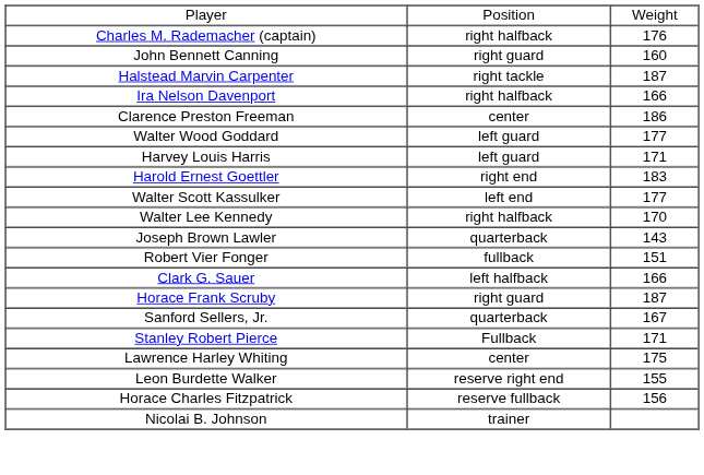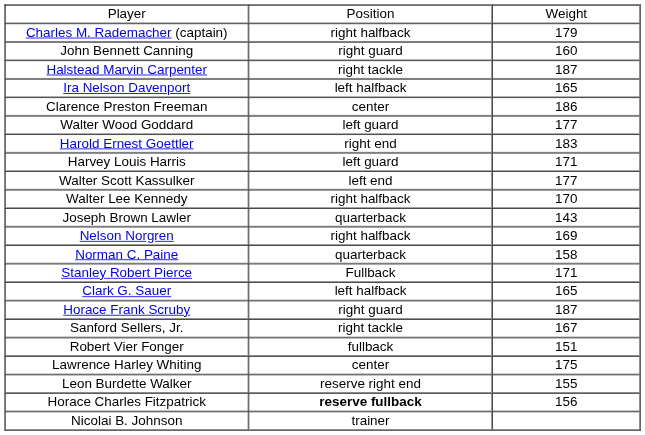 <table cellpadding="1" border="1" cellspacing="0" width="60%" style="text-align:center;">
 <tr>
 <td>Player</td>
 <td>Position</td>
 <td>Weight</td>
 </tr>
 <tr align="center" bgcolor="">
 <td><a href='#'>Charles M. Rademacher</a> (captain)</td>
 <td>right halfback</td>
-<td>176</td>
+<td>179</td>
 </tr>
 <tr align="center" bgcolor="">
 <td>John Bennett Canning</td>
 <td>right guard</td>
 <td>160</td>
 </tr>
 <tr align="center" bgcolor="">
 <td><a href='#'>Halstead Marvin Carpenter</a></td>
 <td>right tackle</td>
 <td>187</td>
 </tr>
 <tr align="center" bgcolor="">
 <td><a href='#'>Ira Nelson Davenport</a></td>
-<td>right halfback</td>
-<td>166</td>
+<td>left halfback</td>
+<td>165</td>
 </tr>
 <tr align="center" bgcolor="">
 <td>Clarence Preston Freeman</td>
 <td>center</td>
 <td>186</td>
 </tr>
 <tr align="center" bgcolor="">
 <td>Walter Wood Goddard</td>
 <td>left guard</td>
 <td>177</td>
 </tr>
 <tr align="center" bgcolor="">
+<td><a href='#'>Harold Ernest Goettler</a></td>
+<td>right end</td>
+<td>183</td>
+</tr>
+<tr align="center" bgcolor="">
 <td>Harvey Louis Harris</td>
 <td>left guard</td>
 <td>171</td>
-</tr>
-<tr align="center" bgcolor="">
-<td><a href='#'>Harold Ernest Goettler</a></td>
-<td>right end</td>
-<td>183</td>
 </tr>
 <tr align="center" bgcolor="">
 <td>Walter Scott Kassulker</td>
 <td>left end</td>
 <td>177</td>
 </tr>
 <tr align="center" bgcolor="">
 <td>Walter Lee Kennedy</td>
 <td>right halfback</td>
 <td>170</td>
 </tr>
 <tr align="center" bgcolor="">
 <td>Joseph Brown Lawler</td>
 <td>quarterback</td>
 <td>143</td>
 </tr>
 <tr align="center" bgcolor="">
-<td>Robert Vier Fonger</td>
-<td>fullback</td>
-<td>151</td>
+<td><a href='#'>Nelson Norgren</a></td>
+<td>right halfback</td>
+<td>169</td>
+</tr>
+<tr align="center" bgcolor="">
+<td width="250"><a href='#'>Norman C. Paine</a></td>
+<td width="250">quarterback</td>
+<td width="150">158</td>
+</tr>
+<tr align="center" bgcolor="">
+<td><a href='#'>Stanley Robert Pierce</a></td>
+<td>Fullback</td>
+<td>171</td>
 </tr>
 <tr align="center" bgcolor="">
 <td><a href='#'>Clark G. Sauer</a></td>
 <td>left halfback</td>
-<td>166</td>
+<td>165</td>
 </tr>
 <tr align="center" bgcolor="">
 <td><a href='#'>Horace Frank Scruby</a></td>
 <td>right guard</td>
 <td>187</td>
 </tr>
 <tr align="center" bgcolor="">
 <td>Sanford Sellers, Jr.</td>
-<td>quarterback</td>
+<td>right tackle</td>
 <td>167</td>
 </tr>
 <tr align="center" bgcolor="">
-<td><a href='#'>Stanley Robert Pierce</a></td>
-<td>Fullback</td>
-<td>171</td>
+<td>Robert Vier Fonger</td>
+<td>fullback</td>
+<td>151</td>
 </tr>
 <tr align="center" bgcolor="">
 <td>Lawrence Harley Whiting</td>
 <td>center</td>
 <td>175</td>
 </tr>
 <tr align="center" bgcolor="">
 <td>Leon Burdette Walker</td>
 <td>reserve right end</td>
 <td>155</td>
 </tr>
 <tr align="center" bgcolor="">
 <td>Horace Charles Fitzpatrick</td>
-<td>reserve fullback</td>
+<td><strong>reserve fullback</strong></td>
 <td>156</td>
 </tr>
 <tr align="center" bgcolor="">
 <td>Nicolai B. Johnson</td>
 <td>trainer</td>
 <td></td>
 </tr>
 <tr align="center" bgcolor="">
 </tr>
 </table>
